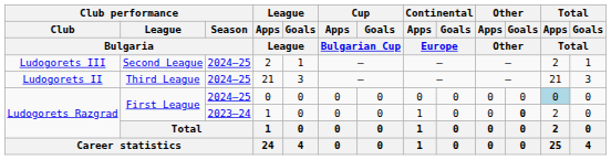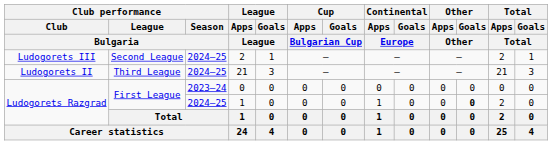 <table class="wikitable" style="text-align: center">
 <tr>
 <th colspan="3">Club performance</th>
 <th colspan="2">League</th>
 <th colspan="2">Cup</th>
 <th colspan="2">Continental</th>
 <th colspan="2">Other</th>
 <th colspan="3">Total</th>
 </tr>
 <tr>
 <th>Club</th>
 <th>League</th>
 <th>Season</th>
 <th>Apps</th>
 <th>Goals</th>
 <th>Apps</th>
 <th>Goals</th>
 <th>Apps</th>
 <th>Goals</th>
 <th>Apps</th>
 <th>Goals</th>
 <th>Apps</th>
 <th>Goals</th>
 </tr>
 <tr>
 <th colspan="3">Bulgaria</th>
 <th colspan="2">League</th>
 <th colspan="2"><a href='#'>Bulgarian Cup</a></th>
 <th colspan="2"><a href='#'>Europe</a></th>
 <th colspan="2">Other</th>
 <th colspan="2">Total</th>
 </tr>
 <tr>
 <td rowspan="1" valign="center"><a href='#'>Ludogorets III</a></td>
 <td rowspan="1"><a href='#'>Second League</a></td>
 <td><a href='#'>2024–25</a></td>
 <td>2</td>
 <td>1</td>
 <td colspan="2">–</td>
 <td colspan="2">–</td>
 <td colspan="2">–</td>
 <td>2</td>
 <td>1</td>
 </tr>
 <tr>
 <td rowspan="1" valign="center"><a href='#'>Ludogorets II</a></td>
 <td rowspan="1"><a href='#'>Third League</a></td>
 <td><a href='#'>2024–25</a></td>
 <td>21</td>
 <td>3</td>
 <td colspan="2">–</td>
 <td colspan="2">–</td>
 <td colspan="2">–</td>
 <td>21</td>
 <td>3</td>
 </tr>
 <tr>
 <td rowspan="3"><a href='#'>Ludogorets Razgrad</a></td>
 <td rowspan="2"><a href='#'>First League</a></td>
-<td><a href='#'>2024–25</a></td>
+<td><a href='#'>2023–24</a></td>
 <td>0</td>
 <td>0</td>
 <td>0</td>
 <td>0</td>
 <td 0>0</td>
 <td>0</td>
 <td>0</td>
 <td>0</td>
-<td style="background: lightblue;">0</td>
+<td>0</td>
 <td>0</td>
 </tr>
 <tr>
-<td><a href='#'>2023–24</a></td>
+<td><a href='#'>2024–25</a></td>
 <td>1</td>
 <td>0</td>
 <td>0</td>
 <td>0</td>
 <td 0>1</td>
 <td>0</td>
 <td>0</td>
 <td><strong>0</strong></td>
 <td>2</td>
 <td>0</td>
 </tr>
 <tr>
 <th colspan="2">Total</th>
 <th>1</th>
 <th>0</th>
 <th>0</th>
 <th>0</th>
 <th>1</th>
 <th>0</th>
 <th>0</th>
 <th>0</th>
 <th>2</th>
 <th>0</th>
 </tr>
 <tr>
 <th colspan="3">Career statistics</th>
 <th>24</th>
 <th>4</th>
 <th>0</th>
 <th>0</th>
 <th>1</th>
 <th>0</th>
 <th>0</th>
 <th>0</th>
 <th>25</th>
 <th>4</th>
 </tr>
 </table>
